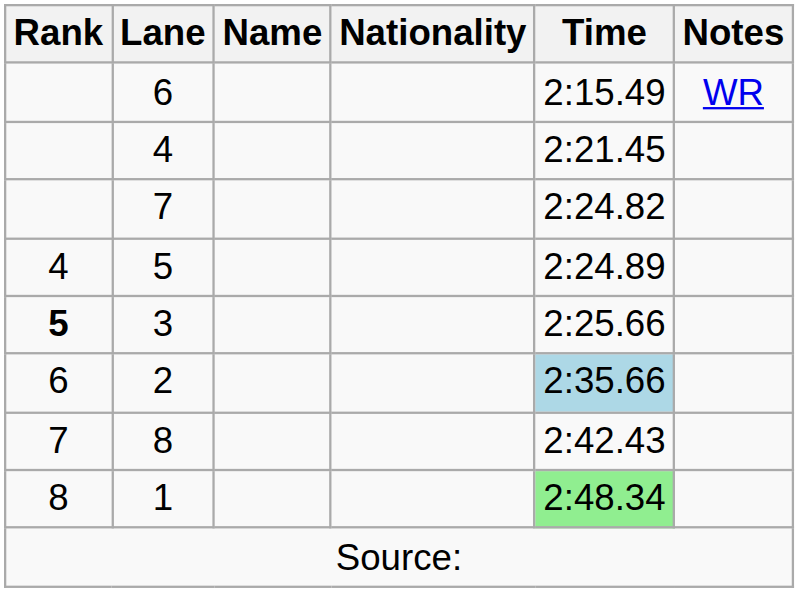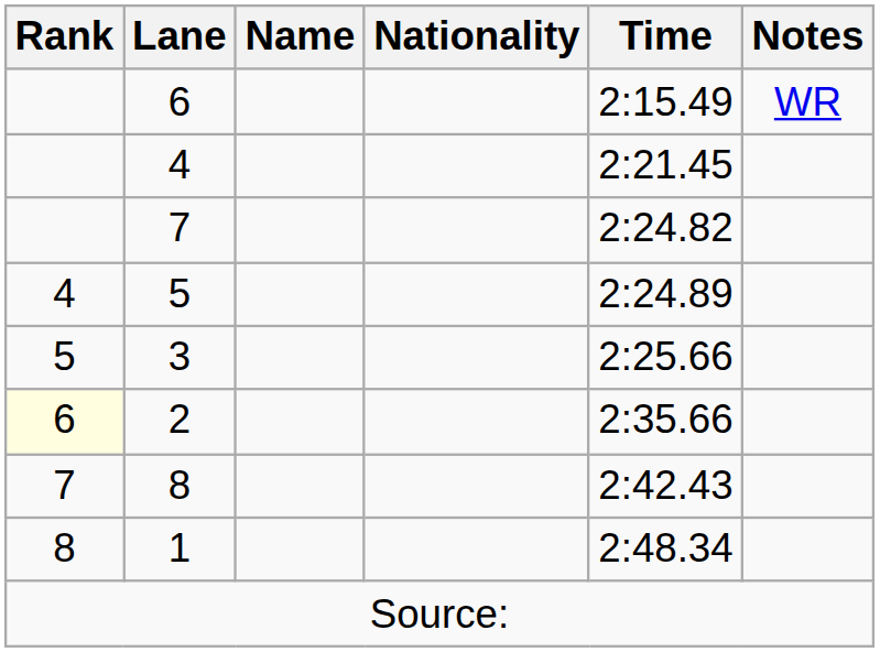 <table class="wikitable sortable" style="text-align:center">
 <tr>
 <th>Rank</th>
 <th>Lane</th>
 <th>Name</th>
 <th>Nationality</th>
 <th>Time</th>
 <th>Notes</th>
 </tr>
 <tr>
 <td></td>
 <td>6</td>
 <td align=left></td>
 <td align=left></td>
 <td>2:15.49</td>
 <td><a href='#'>WR</a></td>
 </tr>
 <tr>
 <td></td>
 <td>4</td>
 <td align=left></td>
 <td align=left></td>
 <td>2:21.45</td>
 <td></td>
 </tr>
 <tr>
 <td></td>
 <td>7</td>
 <td align=left></td>
 <td align=left></td>
 <td>2:24.82</td>
 <td></td>
 </tr>
 <tr>
 <td>4</td>
 <td>5</td>
 <td align=left></td>
 <td align=left></td>
 <td>2:24.89</td>
 <td></td>
 </tr>
 <tr>
-<td><strong>5</strong></td>
+<td>5</td>
 <td>3</td>
 <td align=left></td>
 <td align=left></td>
 <td>2:25.66</td>
 <td></td>
 </tr>
 <tr>
-<td>6</td>
+<td style="background: lightyellow;">6</td>
 <td>2</td>
 <td align=left></td>
 <td align=left></td>
-<td style="background: lightblue;">2:35.66</td>
+<td>2:35.66</td>
 <td></td>
 </tr>
 <tr>
 <td>7</td>
 <td>8</td>
 <td align=left></td>
 <td align=left></td>
 <td>2:42.43</td>
 <td></td>
 </tr>
 <tr>
 <td>8</td>
 <td>1</td>
 <td align=left></td>
 <td align=left></td>
-<td style="background: lightgreen;">2:48.34</td>
+<td>2:48.34</td>
 <td></td>
 </tr>
 <tr>
 <td colspan="6">Source:</td>
 </tr>
 </table>
